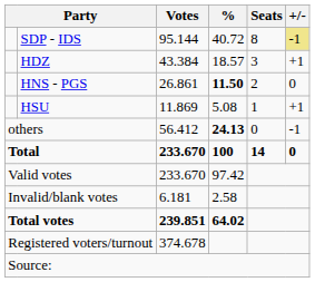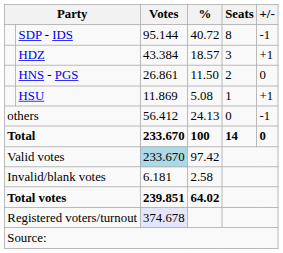 <table class="wikitable" style="text-align: left;">
 <tr>
 <th colspan="2">Party</th>
 <th>Votes</th>
 <th>%</th>
 <th>Seats</th>
 <th>+/-</th>
 </tr>
 <tr>
 <td style="background-color: "></td>
 <td><a href='#'>SDP</a> - <a href='#'>IDS</a></td>
 <td>95.144</td>
 <td>40.72</td>
 <td>8</td>
-<td style="background: khaki;">-1</td>
+<td>-1</td>
 </tr>
 <tr>
 <td style="background-color: "></td>
 <td><a href='#'>HDZ</a></td>
 <td>43.384</td>
 <td>18.57</td>
 <td>3</td>
 <td>+1</td>
 </tr>
 <tr>
 <td style="background-color: "></td>
 <td><a href='#'>HNS</a> - <a href='#'>PGS</a></td>
 <td>26.861</td>
-<td><strong>11.50</strong></td>
+<td>11.50</td>
 <td>2</td>
 <td>0</td>
 </tr>
 <tr>
 <td style="background-color: "></td>
 <td><a href='#'>HSU</a></td>
 <td>11.869</td>
 <td>5.08</td>
 <td>1</td>
 <td>+1</td>
 </tr>
 <tr>
 <td colspan="2">others</td>
 <td>56.412</td>
-<td><strong>24.13</strong></td>
+<td>24.13</td>
 <td>0</td>
 <td>-1</td>
 </tr>
 <tr>
 <td colspan="2"><strong>Total</strong></td>
 <td><strong>233.670</strong></td>
 <td><strong>100</strong></td>
 <td><strong>14</strong></td>
 <td><strong>0</strong></td>
 </tr>
 <tr>
 <td colspan="2">Valid votes</td>
-<td>233.670</td>
+<td style="background: lightblue;">233.670</td>
 <td>97.42</td>
 <td colspan="2"></td>
 </tr>
 <tr>
 <td colspan="2">Invalid/blank votes</td>
 <td>6.181</td>
 <td>2.58</td>
 <td colspan="2"></td>
 </tr>
 <tr>
 <td colspan="2"><strong>Total votes</strong></td>
 <td><strong>239.851</strong></td>
 <td><strong>64.02</strong></td>
 <td colspan="2"></td>
 </tr>
 <tr>
 <td colspan="2">Registered voters/turnout</td>
-<td votes14="5343">374.678</td>
+<td votes14="5343" style="background: lavender;">374.678</td>
 <td></td>
 <td colspan="2"></td>
 </tr>
 <tr>
 <td colspan="6">Source: </td>
 </tr>
 </table>
